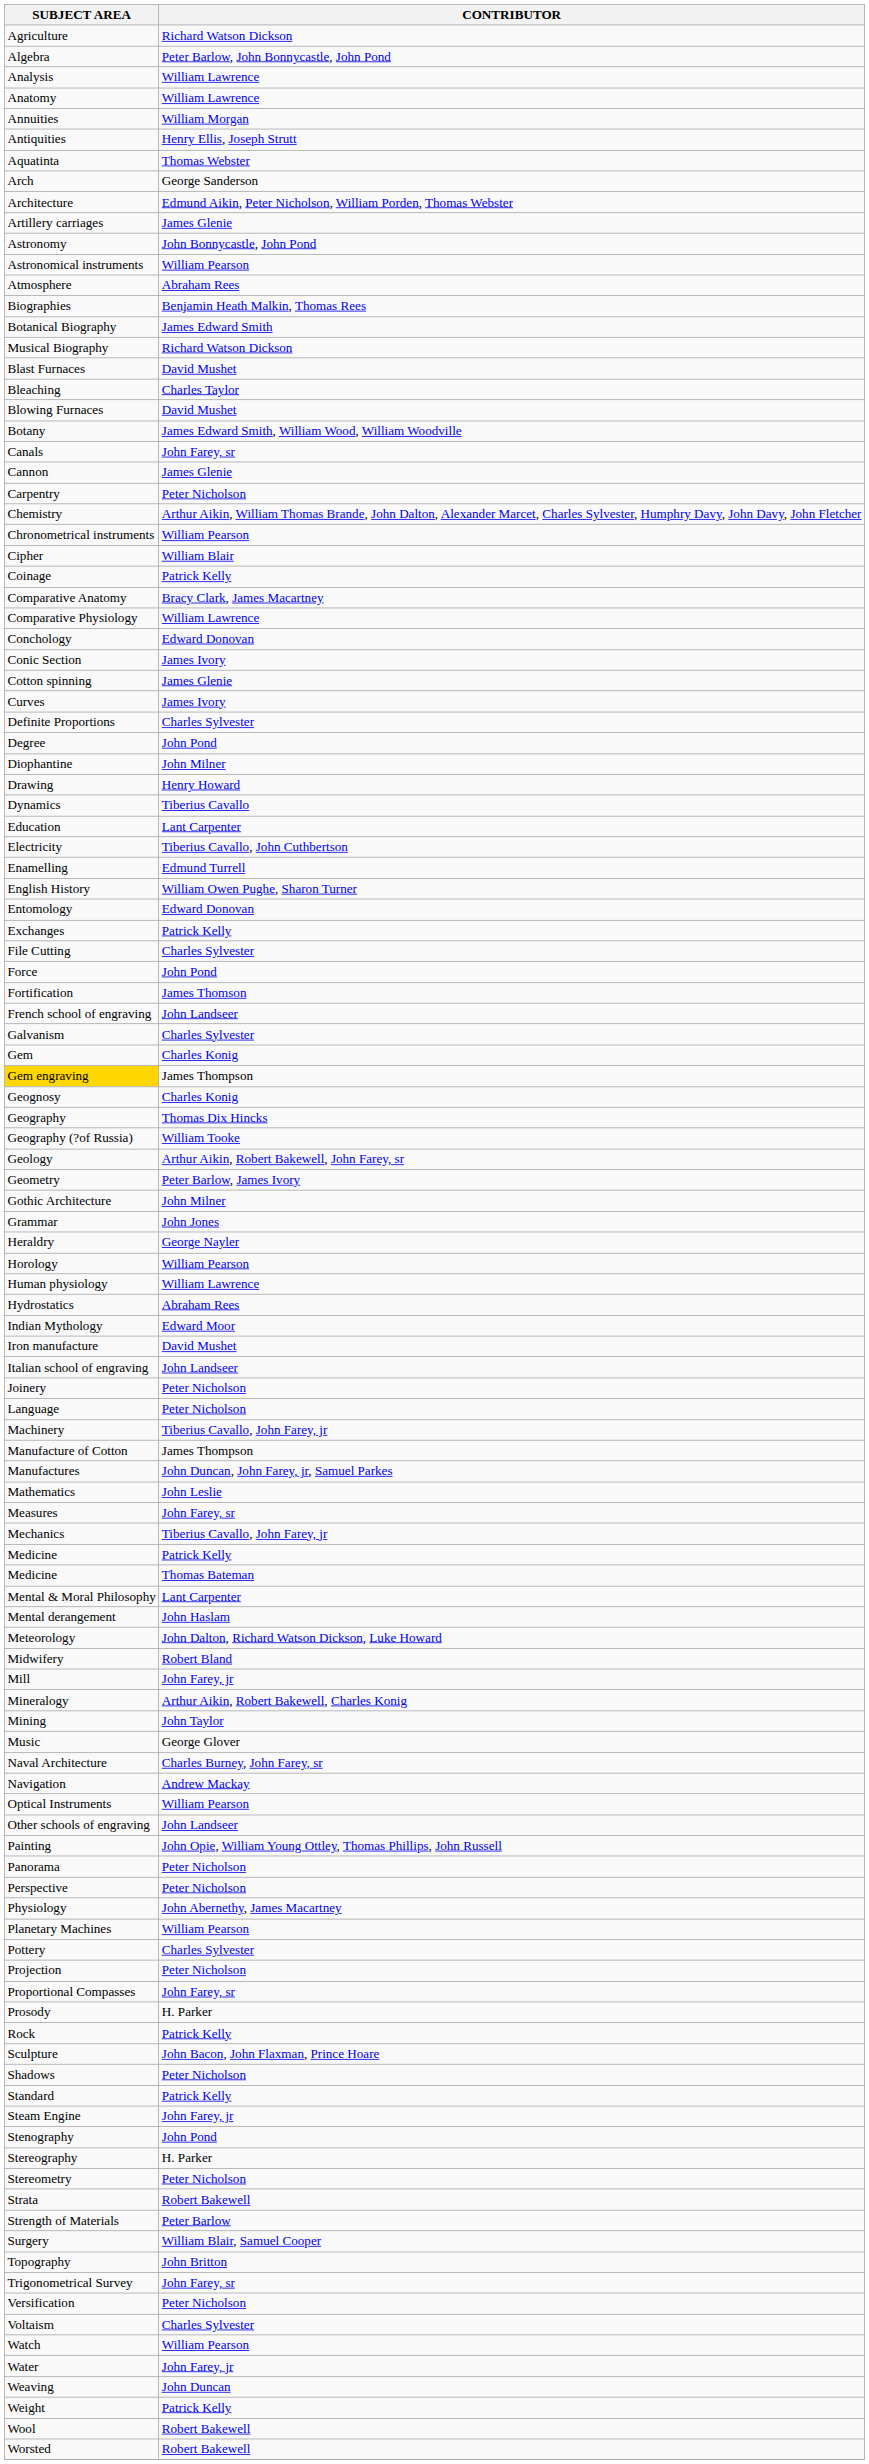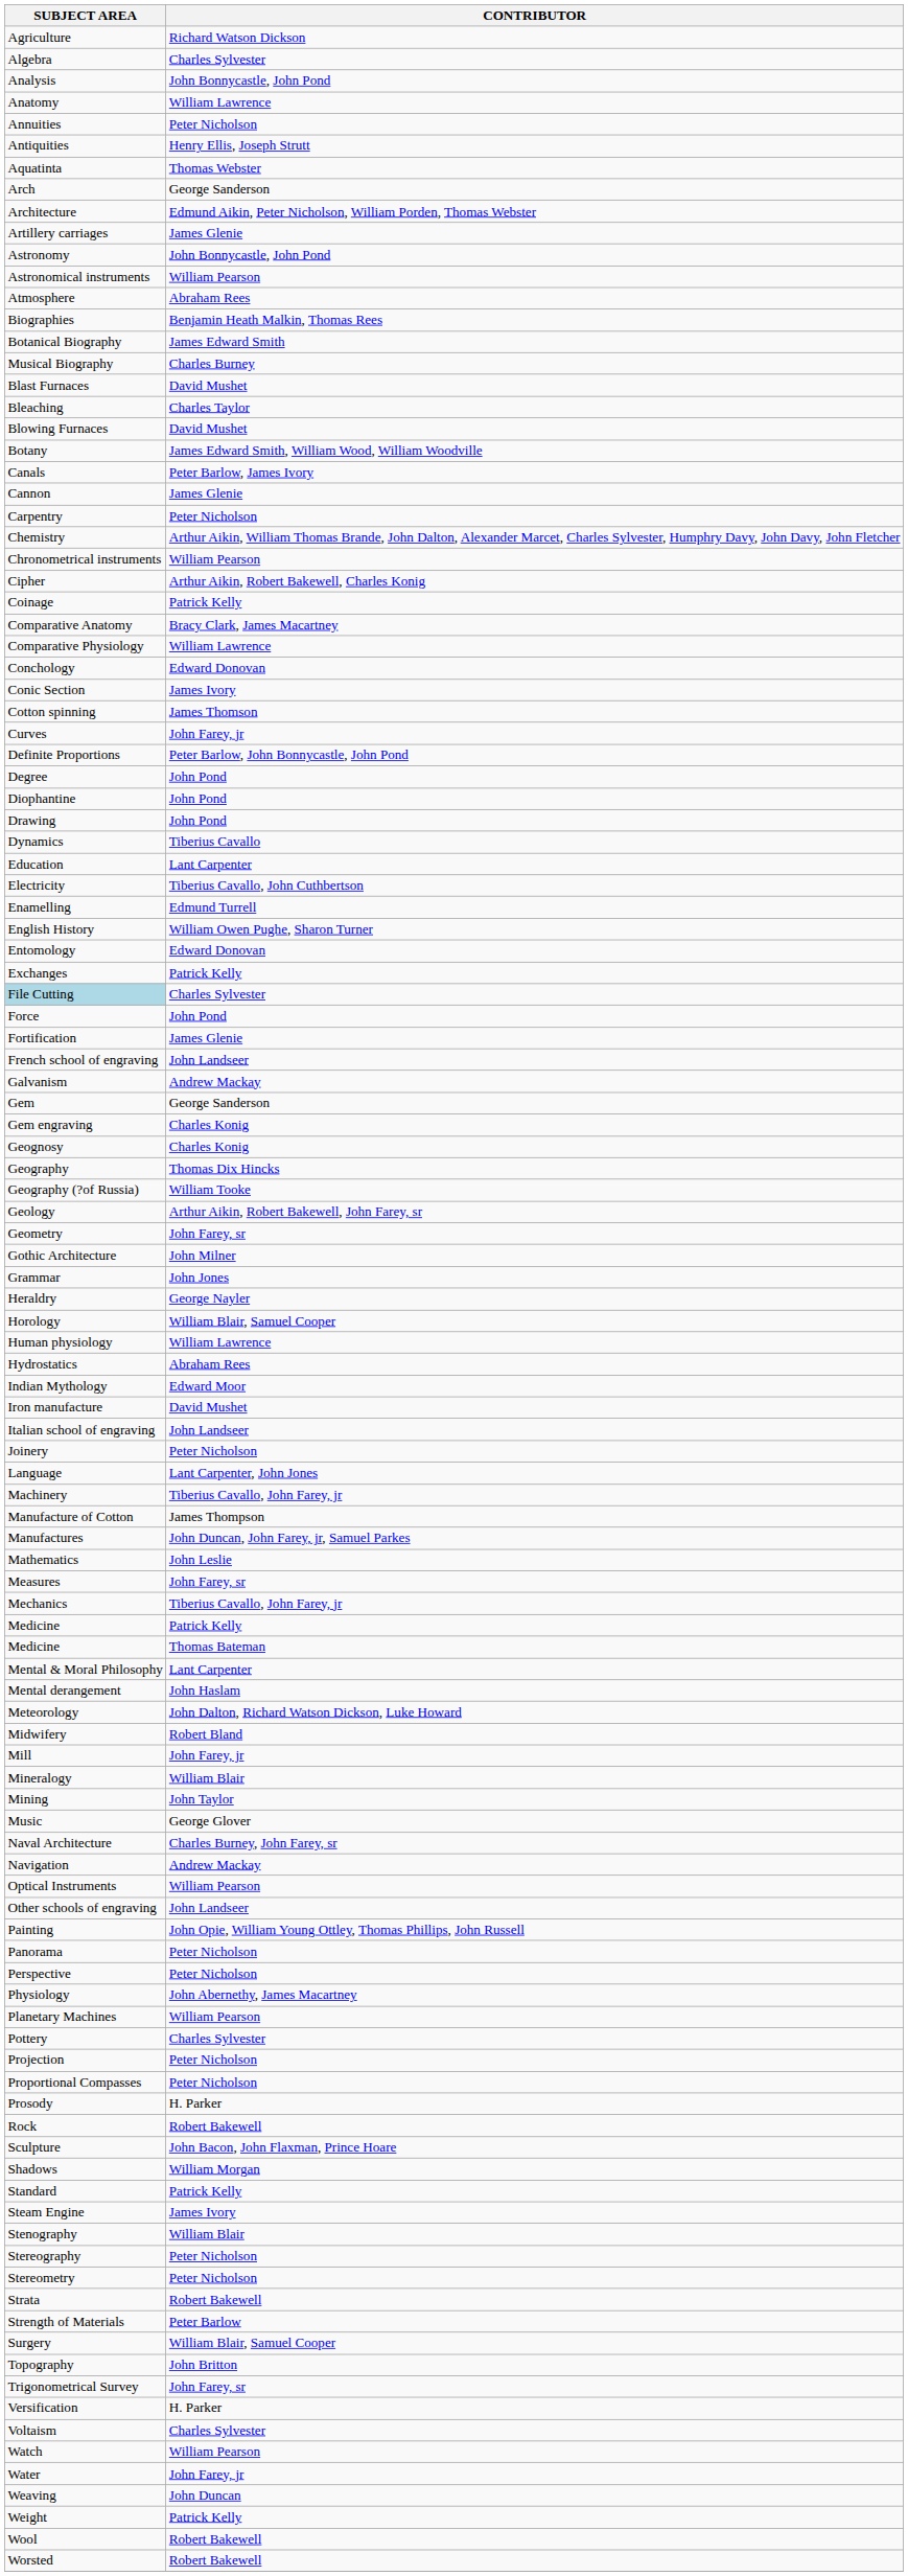 <table class="wikitable">
 <tr>
 <th>SUBJECT AREA</th>
 <th>CONTRIBUTOR</th>
 </tr>
 <tr>
 <td>Agriculture</td>
 <td><a href='#'>Richard Watson Dickson</a></td>
 </tr>
 <tr>
 <td>Algebra</td>
-<td><a href='#'>Peter Barlow</a>, <a href='#'>John Bonnycastle</a>, <a href='#'>John Pond</a></td>
+<td><a href='#'>Charles Sylvester</a></td>
 </tr>
 <tr>
 <td>Analysis</td>
-<td><a href='#'>William Lawrence</a></td>
+<td><a href='#'>John Bonnycastle</a>, <a href='#'>John Pond</a></td>
 </tr>
 <tr>
 <td>Anatomy</td>
 <td><a href='#'>William Lawrence</a></td>
 </tr>
 <tr>
 <td>Annuities</td>
-<td><a href='#'>William Morgan</a></td>
+<td><a href='#'>Peter Nicholson</a></td>
 </tr>
 <tr>
 <td>Antiquities</td>
 <td><a href='#'>Henry Ellis</a>, <a href='#'>Joseph Strutt</a></td>
 </tr>
 <tr>
 <td>Aquatinta</td>
 <td><a href='#'>Thomas Webster</a></td>
 </tr>
 <tr>
 <td>Arch</td>
 <td>George Sanderson</td>
 </tr>
 <tr>
 <td>Architecture</td>
 <td><a href='#'>Edmund Aikin</a>, <a href='#'>Peter Nicholson</a>, <a href='#'>William Porden</a>, <a href='#'>Thomas Webster</a></td>
 </tr>
 <tr>
 <td>Artillery carriages</td>
 <td><a href='#'>James Glenie</a></td>
 </tr>
 <tr>
 <td>Astronomy</td>
 <td><a href='#'>John Bonnycastle</a>, <a href='#'>John Pond</a></td>
 </tr>
 <tr>
 <td>Astronomical instruments</td>
 <td><a href='#'>William Pearson</a></td>
 </tr>
 <tr>
 <td>Atmosphere</td>
 <td><a href='#'>Abraham Rees</a></td>
 </tr>
 <tr>
 <td>Biographies</td>
 <td><a href='#'>Benjamin Heath Malkin</a>, 	<a href='#'>Thomas Rees</a></td>
 </tr>
 <tr>
 <td>Botanical Biography</td>
 <td><a href='#'>James Edward Smith</a></td>
 </tr>
 <tr>
 <td>Musical Biography</td>
-<td><a href='#'>Richard Watson Dickson</a></td>
+<td><a href='#'>Charles Burney</a></td>
 </tr>
 <tr>
 <td>Blast Furnaces</td>
 <td><a href='#'>David Mushet</a></td>
 </tr>
 <tr>
 <td>Bleaching</td>
 <td><a href='#'>Charles Taylor</a></td>
 </tr>
 <tr>
 <td>Blowing Furnaces</td>
 <td><a href='#'>David Mushet</a></td>
 </tr>
 <tr>
 <td>Botany</td>
 <td><a href='#'>James Edward Smith</a>,	<a href='#'>William Wood</a>, <a href='#'>William Woodville</a></td>
 </tr>
 <tr>
 <td>Canals</td>
-<td><a href='#'>John Farey, sr</a></td>
+<td><a href='#'>Peter Barlow</a>, <a href='#'>James Ivory</a></td>
 </tr>
 <tr>
 <td>Cannon</td>
 <td><a href='#'>James Glenie</a></td>
 </tr>
 <tr>
 <td>Carpentry</td>
 <td><a href='#'>Peter Nicholson</a></td>
 </tr>
 <tr>
 <td>Chemistry</td>
 <td><a href='#'>Arthur Aikin</a>, <a href='#'>William Thomas Brande</a>, <a href='#'>John Dalton</a>, <a href='#'>Alexander Marcet</a>, <a href='#'>Charles Sylvester</a>, <a href='#'>Humphry Davy</a>, <a href='#'>John Davy</a>, <a href='#'>John Fletcher</a></td>
 </tr>
 <tr>
 <td>Chronometrical instruments</td>
 <td><a href='#'>William Pearson</a></td>
 </tr>
 <tr>
 <td>Cipher</td>
-<td><a href='#'>William Blair</a></td>
+<td><a href='#'>Arthur Aikin</a>, <a href='#'>Robert Bakewell</a>,	<a href='#'>Charles Konig</a></td>
 </tr>
 <tr>
 <td>Coinage</td>
 <td><a href='#'>Patrick Kelly</a></td>
 </tr>
 <tr>
 <td>Comparative Anatomy</td>
 <td><a href='#'>Bracy Clark</a>, 	<a href='#'>James Macartney</a></td>
 </tr>
 <tr>
 <td>Comparative Physiology</td>
 <td><a href='#'>William Lawrence</a></td>
 </tr>
 <tr>
 <td>Conchology</td>
 <td><a href='#'>Edward Donovan</a></td>
 </tr>
 <tr>
 <td>Conic Section</td>
 <td><a href='#'>James Ivory</a></td>
 </tr>
 <tr>
 <td>Cotton spinning</td>
-<td><a href='#'>James Glenie</a></td>
+<td><a href='#'>James Thomson</a></td>
 </tr>
 <tr>
 <td>Curves</td>
-<td><a href='#'>James Ivory</a></td>
+<td><a href='#'>John Farey, jr</a></td>
 </tr>
 <tr>
 <td>Definite Proportions</td>
-<td><a href='#'>Charles Sylvester</a></td>
+<td><a href='#'>Peter Barlow</a>, <a href='#'>John Bonnycastle</a>, <a href='#'>John Pond</a></td>
 </tr>
 <tr>
 <td>Degree</td>
 <td><a href='#'>John Pond</a></td>
 </tr>
 <tr>
 <td>Diophantine</td>
-<td><a href='#'>John Milner</a></td>
+<td><a href='#'>John Pond</a></td>
 </tr>
 <tr>
 <td>Drawing</td>
-<td><a href='#'>Henry Howard</a></td>
+<td><a href='#'>John Pond</a></td>
 </tr>
 <tr>
 <td>Dynamics</td>
 <td><a href='#'>Tiberius Cavallo</a></td>
 </tr>
 <tr>
 <td>Education</td>
 <td><a href='#'>Lant Carpenter</a></td>
 </tr>
 <tr>
 <td>Electricity</td>
 <td><a href='#'>Tiberius Cavallo</a>, <a href='#'>John Cuthbertson</a></td>
 </tr>
 <tr>
 <td>Enamelling</td>
 <td><a href='#'>Edmund Turrell</a></td>
 </tr>
 <tr>
 <td>English History</td>
 <td><a href='#'>William Owen Pughe</a>, <a href='#'>Sharon Turner</a></td>
 </tr>
 <tr>
 <td>Entomology</td>
 <td><a href='#'>Edward Donovan</a></td>
 </tr>
 <tr>
 <td>Exchanges</td>
 <td><a href='#'>Patrick Kelly</a></td>
 </tr>
 <tr>
-<td>File Cutting</td>
+<td style="background: lightblue;">File Cutting</td>
 <td><a href='#'>Charles Sylvester</a></td>
 </tr>
 <tr>
 <td>Force</td>
 <td><a href='#'>John Pond</a></td>
 </tr>
 <tr>
 <td>Fortification</td>
-<td><a href='#'>James Thomson</a></td>
+<td><a href='#'>James Glenie</a></td>
 </tr>
 <tr>
 <td>French school of engraving</td>
 <td><a href='#'>John Landseer</a></td>
 </tr>
 <tr>
 <td>Galvanism</td>
-<td><a href='#'>Charles Sylvester</a></td>
+<td><a href='#'>Andrew Mackay</a></td>
 </tr>
 <tr>
 <td>Gem</td>
-<td><a href='#'>Charles Konig</a></td>
+<td>George Sanderson</td>
 </tr>
 <tr>
-<td style="background: gold;">Gem engraving</td>
-<td>James Thompson</td>
+<td>Gem engraving</td>
+<td><a href='#'>Charles Konig</a></td>
 </tr>
 <tr>
 <td>Geognosy</td>
 <td><a href='#'>Charles Konig</a></td>
 </tr>
 <tr>
 <td>Geography</td>
 <td><a href='#'>Thomas Dix Hincks</a></td>
 </tr>
 <tr>
 <td>Geography (?of Russia)</td>
 <td><a href='#'>William Tooke</a></td>
 </tr>
 <tr>
 <td>Geology</td>
 <td><a href='#'>Arthur Aikin</a>, <a href='#'>Robert Bakewell</a>,	<a href='#'>John Farey, sr</a></td>
 </tr>
 <tr>
 <td>Geometry</td>
-<td><a href='#'>Peter Barlow</a>, <a href='#'>James Ivory</a></td>
+<td><a href='#'>John Farey, sr</a></td>
 </tr>
 <tr>
 <td>Gothic Architecture</td>
 <td><a href='#'>John Milner</a></td>
 </tr>
 <tr>
 <td>Grammar</td>
 <td><a href='#'>John Jones</a></td>
 </tr>
 <tr>
 <td>Heraldry</td>
 <td><a href='#'>George Nayler</a></td>
 </tr>
 <tr>
 <td>Horology</td>
-<td><a href='#'>William Pearson</a></td>
+<td><a href='#'>William Blair</a>, <a href='#'>Samuel Cooper</a></td>
 </tr>
 <tr>
 <td>Human physiology</td>
 <td><a href='#'>William Lawrence</a></td>
 </tr>
 <tr>
 <td>Hydrostatics</td>
 <td><a href='#'>Abraham Rees</a></td>
 </tr>
 <tr>
 <td>Indian Mythology</td>
 <td><a href='#'>Edward Moor</a></td>
 </tr>
 <tr>
 <td>Iron manufacture</td>
 <td><a href='#'>David Mushet</a></td>
 </tr>
 <tr>
 <td>Italian school of engraving</td>
 <td><a href='#'>John Landseer</a></td>
 </tr>
 <tr>
 <td>Joinery</td>
 <td><a href='#'>Peter Nicholson</a></td>
 </tr>
 <tr>
 <td>Language</td>
-<td><a href='#'>Peter Nicholson</a></td>
+<td><a href='#'>Lant Carpenter</a>, <a href='#'>John Jones</a></td>
 </tr>
 <tr>
 <td>Machinery</td>
 <td><a href='#'>Tiberius Cavallo</a>, <a href='#'>John Farey, jr</a></td>
 </tr>
 <tr>
 <td>Manufacture of Cotton</td>
 <td>James Thompson</td>
 </tr>
 <tr>
 <td>Manufactures</td>
 <td><a href='#'>John Duncan</a>,	 <a href='#'>John Farey, jr</a>, <a href='#'>Samuel Parkes</a></td>
 </tr>
 <tr>
 <td>Mathematics</td>
 <td><a href='#'>John Leslie</a></td>
 </tr>
 <tr>
 <td>Measures</td>
 <td><a href='#'>John Farey, sr</a></td>
 </tr>
 <tr>
 <td>Mechanics</td>
 <td><a href='#'>Tiberius Cavallo</a>, <a href='#'>John Farey, jr</a></td>
 </tr>
 <tr>
 <td>Medicine</td>
 <td><a href='#'>Patrick Kelly</a></td>
 </tr>
 <tr>
 <td>Medicine</td>
 <td><a href='#'>Thomas Bateman</a></td>
 </tr>
 <tr>
 <td>Mental & Moral Philosophy</td>
 <td><a href='#'>Lant Carpenter</a></td>
 </tr>
 <tr>
 <td>Mental derangement</td>
 <td><a href='#'>John Haslam</a></td>
 </tr>
 <tr>
 <td>Meteorology</td>
 <td><a href='#'>John Dalton</a>, <a href='#'>Richard Watson Dickson</a>,	<a href='#'>Luke Howard</a></td>
 </tr>
 <tr>
 <td>Midwifery</td>
 <td><a href='#'>Robert Bland</a></td>
 </tr>
 <tr>
 <td>Mill</td>
 <td><a href='#'>John Farey, jr</a></td>
 </tr>
 <tr>
 <td>Mineralogy</td>
-<td><a href='#'>Arthur Aikin</a>, <a href='#'>Robert Bakewell</a>,	<a href='#'>Charles Konig</a></td>
+<td><a href='#'>William Blair</a></td>
 </tr>
 <tr>
 <td>Mining</td>
 <td><a href='#'>John Taylor</a></td>
 </tr>
 <tr>
 <td>Music</td>
 <td>George Glover</td>
 </tr>
 <tr>
 <td>Naval Architecture</td>
 <td><a href='#'>Charles Burney</a>, <a href='#'>John Farey, sr</a></td>
 </tr>
 <tr>
 <td>Navigation</td>
 <td><a href='#'>Andrew Mackay</a></td>
 </tr>
 <tr>
 <td>Optical Instruments</td>
 <td><a href='#'>William Pearson</a></td>
 </tr>
 <tr>
 <td>Other schools of engraving</td>
 <td><a href='#'>John Landseer</a></td>
 </tr>
 <tr>
 <td>Painting</td>
 <td><a href='#'>John Opie</a>, <a href='#'>William Young Ottley</a>, <a href='#'>Thomas Phillips</a>, <a href='#'>John Russell</a></td>
 </tr>
 <tr>
 <td>Panorama</td>
 <td><a href='#'>Peter Nicholson</a></td>
 </tr>
 <tr>
 <td>Perspective</td>
 <td><a href='#'>Peter Nicholson</a></td>
 </tr>
 <tr>
 <td>Physiology</td>
 <td><a href='#'>John Abernethy</a>, <a href='#'>James Macartney</a></td>
 </tr>
 <tr>
 <td>Planetary Machines</td>
 <td><a href='#'>William Pearson</a></td>
 </tr>
 <tr>
 <td>Pottery</td>
 <td><a href='#'>Charles Sylvester</a></td>
 </tr>
 <tr>
 <td>Projection</td>
 <td><a href='#'>Peter Nicholson</a></td>
 </tr>
 <tr>
 <td>Proportional Compasses</td>
-<td><a href='#'>John Farey, sr</a></td>
+<td><a href='#'>Peter Nicholson</a></td>
 </tr>
 <tr>
 <td>Prosody</td>
 <td>H. Parker</td>
 </tr>
 <tr>
 <td>Rock</td>
-<td><a href='#'>Patrick Kelly</a></td>
+<td><a href='#'>Robert Bakewell</a></td>
 </tr>
 <tr>
 <td>Sculpture</td>
 <td><a href='#'>John Bacon</a>, <a href='#'>John Flaxman</a>, <a href='#'>Prince Hoare</a></td>
 </tr>
 <tr>
 <td>Shadows</td>
-<td><a href='#'>Peter Nicholson</a></td>
+<td><a href='#'>William Morgan</a></td>
 </tr>
 <tr>
 <td>Standard</td>
 <td><a href='#'>Patrick Kelly</a></td>
 </tr>
 <tr>
 <td>Steam Engine</td>
-<td><a href='#'>John Farey, jr</a></td>
+<td><a href='#'>James Ivory</a></td>
 </tr>
 <tr>
 <td>Stenography</td>
-<td><a href='#'>John Pond</a></td>
+<td><a href='#'>William Blair</a></td>
 </tr>
 <tr>
 <td>Stereography</td>
-<td>H. Parker</td>
+<td><a href='#'>Peter Nicholson</a></td>
 </tr>
 <tr>
 <td>Stereometry</td>
 <td><a href='#'>Peter Nicholson</a></td>
 </tr>
 <tr>
 <td>Strata</td>
 <td><a href='#'>Robert Bakewell</a></td>
 </tr>
 <tr>
 <td>Strength of Materials</td>
 <td><a href='#'>Peter Barlow</a></td>
 </tr>
 <tr>
 <td>Surgery</td>
 <td><a href='#'>William Blair</a>, <a href='#'>Samuel Cooper</a></td>
 </tr>
 <tr>
 <td>Topography</td>
 <td><a href='#'>John Britton</a></td>
 </tr>
 <tr>
 <td>Trigonometrical Survey</td>
 <td><a href='#'>John Farey, sr</a></td>
 </tr>
 <tr>
 <td>Versification</td>
-<td><a href='#'>Peter Nicholson</a></td>
+<td>H. Parker</td>
 </tr>
 <tr>
 <td>Voltaism</td>
 <td><a href='#'>Charles Sylvester</a></td>
 </tr>
 <tr>
 <td>Watch</td>
 <td><a href='#'>William Pearson</a></td>
 </tr>
 <tr>
 <td>Water</td>
 <td><a href='#'>John Farey, jr</a></td>
 </tr>
 <tr>
 <td>Weaving</td>
 <td><a href='#'>John Duncan</a></td>
 </tr>
 <tr>
 <td>Weight</td>
 <td><a href='#'>Patrick Kelly</a></td>
 </tr>
 <tr>
 <td>Wool</td>
 <td><a href='#'>Robert Bakewell</a></td>
 </tr>
 <tr>
 <td>Worsted</td>
 <td><a href='#'>Robert Bakewell</a></td>
 </tr>
 <tr>
 </tr>
 </table>
